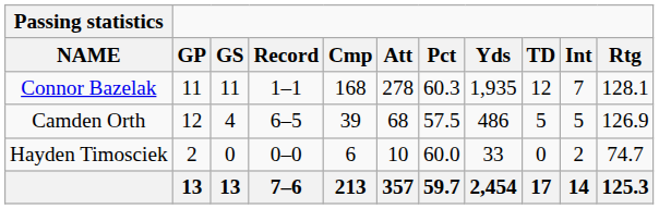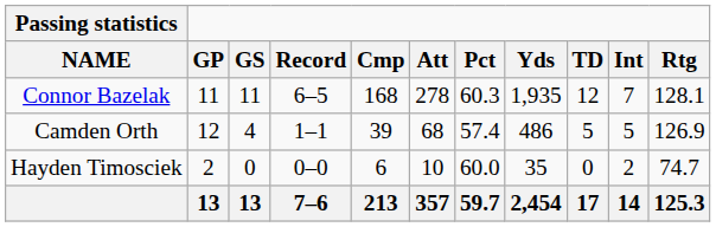 <table class="wikitable sortable" style="text-align:center;">
 <tr>
 <th style="text-align:center; ">Passing statistics</th>
 </tr>
 <tr>
 <th>NAME</th>
 <th>GP</th>
 <th>GS</th>
 <th>Record</th>
 <th>Cmp</th>
 <th>Att</th>
 <th>Pct</th>
 <th>Yds</th>
 <th>TD</th>
 <th>Int</th>
 <th>Rtg</th>
 </tr>
 <tr>
 <td><a href='#'>Connor Bazelak</a></td>
 <td>11</td>
 <td>11</td>
-<td>1–1</td>
+<td>6–5</td>
 <td>168</td>
 <td>278</td>
 <td>60.3</td>
 <td>1,935</td>
 <td>12</td>
 <td>7</td>
 <td>128.1</td>
 </tr>
 <tr>
 <td>Camden Orth</td>
 <td>12</td>
 <td>4</td>
-<td>6–5</td>
+<td>1–1</td>
 <td>39</td>
 <td>68</td>
-<td>57.5</td>
+<td>57.4</td>
 <td>486</td>
 <td>5</td>
 <td>5</td>
 <td>126.9</td>
 </tr>
 <tr>
 <td>Hayden Timosciek</td>
 <td>2</td>
 <td>0</td>
 <td>0–0</td>
 <td>6</td>
 <td>10</td>
 <td>60.0</td>
-<td>33</td>
+<td>35</td>
 <td>0</td>
 <td>2</td>
 <td>74.7</td>
 </tr>
 <tr>
 <th colspan="1"></th>
 <th>13</th>
 <th>13</th>
 <th>7–6</th>
 <th>213</th>
 <th>357</th>
 <th>59.7</th>
 <th>2,454</th>
 <th>17</th>
 <th>14</th>
 <th>125.3</th>
 </tr>
 </table>
